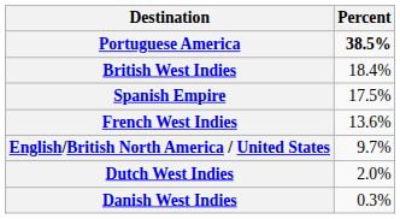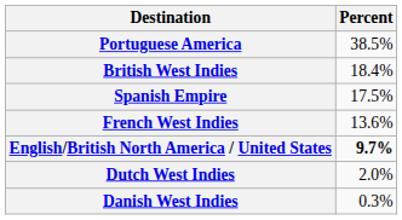 <table class="wikitable sortable" style="text-align:right;">
 <tr>
 <th scope="col">Destination</th>
 <th scope="col">Percent</th>
 </tr>
 <tr>
 <th scope="row"><a href='#'>Portuguese America</a></th>
-<td><strong>38.5%</strong></td>
+<td>38.5%</td>
 </tr>
 <tr>
 <th scope="row"><a href='#'>British West Indies</a></th>
 <td>18.4%</td>
 </tr>
 <tr>
 <th scope="row"><a href='#'>Spanish Empire</a></th>
 <td>17.5%</td>
 </tr>
 <tr>
 <th scope="row"><a href='#'>French West Indies</a></th>
 <td>13.6%</td>
 </tr>
 <tr>
 <th scope="row"><a href='#'>English</a>/<a href='#'>British North America</a> / <a href='#'>United States</a></th>
-<td>9.7%</td>
+<td><strong>9.7%</strong></td>
 </tr>
 <tr>
 <th scope="row"><a href='#'>Dutch West Indies</a></th>
 <td>2.0%</td>
 </tr>
 <tr>
 <th scope="row"><a href='#'>Danish West Indies</a></th>
 <td>0.3%</td>
 </tr>
 </table>
